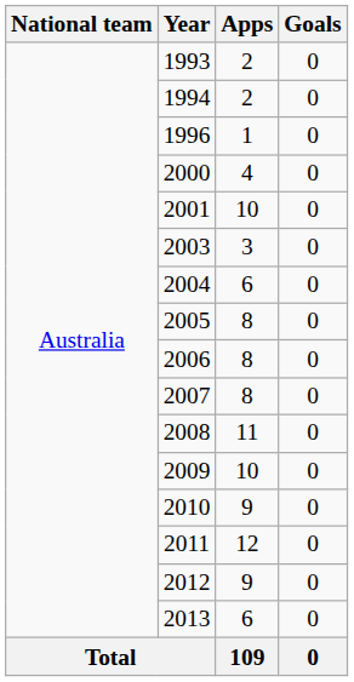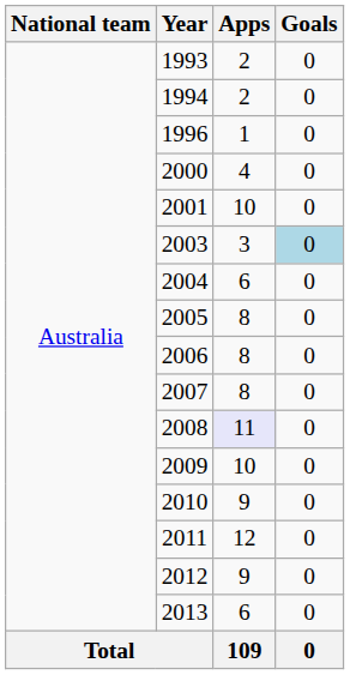 <table class="wikitable" style="text-align:center">
 <tr>
 <th>National team</th>
 <th>Year</th>
 <th>Apps</th>
 <th>Goals</th>
 </tr>
 <tr>
 <td rowspan="16"><a href='#'>Australia</a></td>
 <td>1993</td>
 <td>2</td>
 <td>0</td>
 </tr>
 <tr>
 <td>1994</td>
 <td>2</td>
 <td>0</td>
 </tr>
 <tr>
 <td>1996</td>
 <td>1</td>
 <td>0</td>
 </tr>
 <tr>
 <td>2000</td>
 <td>4</td>
 <td>0</td>
 </tr>
 <tr>
 <td>2001</td>
 <td>10</td>
 <td>0</td>
 </tr>
 <tr>
 <td>2003</td>
 <td>3</td>
-<td>0</td>
+<td style="background: lightblue;">0</td>
 </tr>
 <tr>
 <td>2004</td>
 <td>6</td>
 <td>0</td>
 </tr>
 <tr>
 <td>2005</td>
 <td>8</td>
 <td>0</td>
 </tr>
 <tr>
 <td>2006</td>
 <td>8</td>
 <td>0</td>
 </tr>
 <tr>
 <td>2007</td>
 <td>8</td>
 <td>0</td>
 </tr>
 <tr>
 <td>2008</td>
-<td>11</td>
+<td style="background: lavender;">11</td>
 <td>0</td>
 </tr>
 <tr>
 <td>2009</td>
 <td>10</td>
 <td>0</td>
 </tr>
 <tr>
 <td>2010</td>
 <td>9</td>
 <td>0</td>
 </tr>
 <tr>
 <td>2011</td>
 <td>12</td>
 <td>0</td>
 </tr>
 <tr>
 <td>2012</td>
 <td>9</td>
 <td>0</td>
 </tr>
 <tr>
 <td>2013</td>
 <td>6</td>
 <td>0</td>
 </tr>
 <tr>
 <th colspan="2">Total</th>
 <th>109</th>
 <th>0</th>
 </tr>
 </table>
